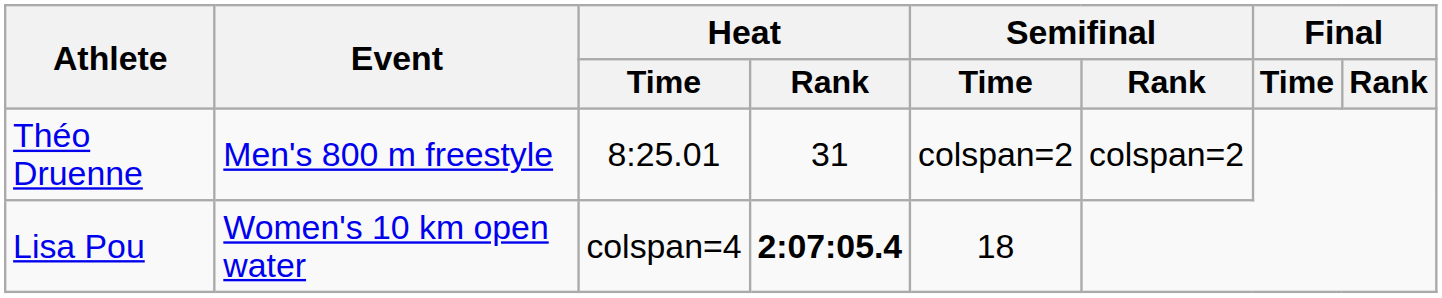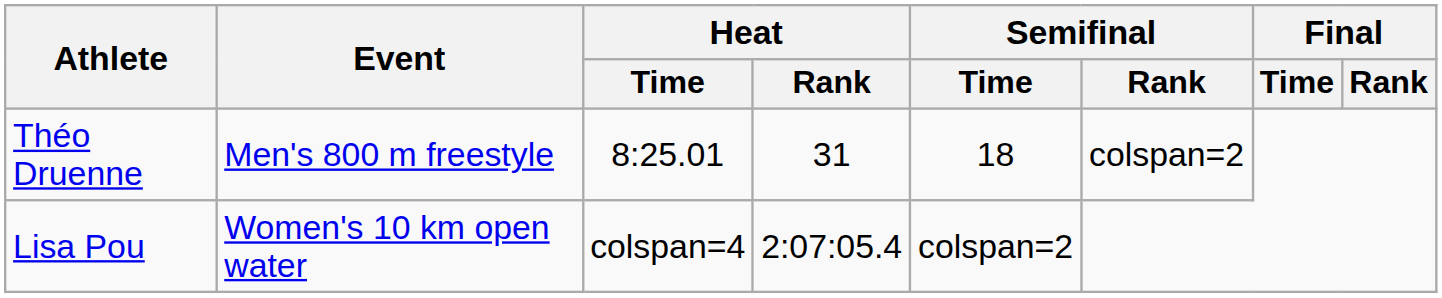 <table class=wikitable style="font-size:90%">
 <tr>
 <th rowspan="2">Athlete</th>
 <th rowspan="2">Event</th>
 <th colspan="2">Heat</th>
 <th colspan="2">Semifinal</th>
 <th colspan="2">Final</th>
 </tr>
 <tr style="font-size:95%">
 <th>Time</th>
 <th>Rank</th>
 <th>Time</th>
 <th>Rank</th>
 <th>Time</th>
 <th>Rank</th>
 </tr>
 <tr align=center>
 <td align=left><a href='#'>Théo Druenne</a></td>
 <td align=left><a href='#'>Men's 800 m freestyle</a></td>
 <td>8:25.01</td>
 <td>31</td>
-<td>colspan=2 </td>
+<td>18</td>
 <td>colspan=2 </td>
 </tr>
 <tr align=center>
 <td align=left><a href='#'>Lisa Pou</a></td>
 <td align=left><a href='#'>Women's 10 km open water</a></td>
 <td>colspan=4 </td>
-<td><strong>2:07:05.4</strong></td>
-<td>18</td>
+<td>2:07:05.4</td>
+<td>colspan=2 </td>
 </tr>
 </table>
